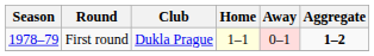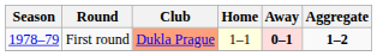 <table class="wikitable">
 <tr>
 <th>Season</th>
 <th>Round</th>
 <th>Club</th>
 <th>Home</th>
 <th>Away</th>
 <th>Aggregate</th>
 </tr>
 <tr>
 <td><a href='#'>1978–79</a></td>
 <td>First round</td>
-<td> <a href='#'>Dukla Prague</a></td>
+<td style="background: lightsalmon;"> <a href='#'>Dukla Prague</a></td>
 <td style="text-align:center; background:#ffd;">1–1</td>
-<td style="text-align:center; background:#fdd;">0–1</td>
+<td style="text-align:center; background:#fdd;"><strong>0–1</strong></td>
 <td style="text-align:center;"><strong>1–2</strong></td>
 </tr>
 <tr>
 </tr>
 </table>
